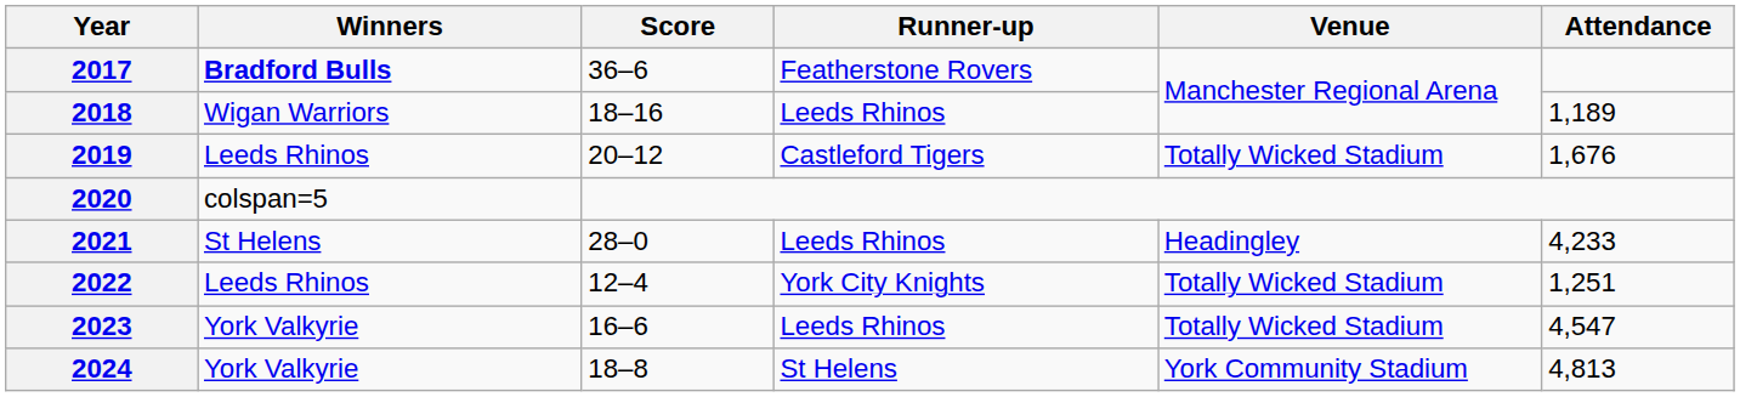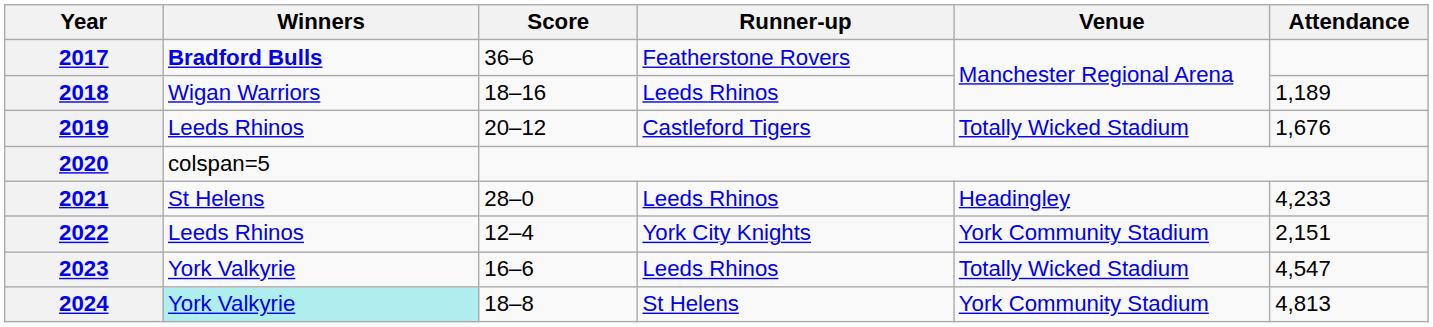 <table class="wikitable">
 <tr>
 <th width=10%>Year</th>
 <th width=20%>Winners</th>
 <th width=10%>Score</th>
 <th width=20%>Runner-up</th>
 <th width=20%>Venue</th>
 <th width=10%>Attendance</th>
 </tr>
 <tr>
 <th align:center><a href='#'>2017</a></th>
 <td><strong> <a href='#'>Bradford Bulls</a></strong></td>
 <td>36–6</td>
 <td> <a href='#'>Featherstone Rovers</a></td>
 <td rowspan=2><a href='#'>Manchester Regional Arena</a></td>
 <td></td>
 </tr>
 <tr>
 <th align:center><a href='#'>2018</a></th>
 <td> <a href='#'>Wigan Warriors</a></td>
 <td>18–16</td>
 <td> <a href='#'>Leeds Rhinos</a></td>
 <td>1,189</td>
 </tr>
 <tr>
 <th align:center><a href='#'>2019</a></th>
 <td> <a href='#'>Leeds Rhinos</a></td>
 <td>20–12</td>
 <td> <a href='#'>Castleford Tigers</a></td>
 <td><a href='#'>Totally Wicked Stadium</a></td>
 <td>1,676</td>
 </tr>
 <tr>
 <th align:center><a href='#'>2020</a></th>
 <td>colspan=5</td>
 </tr>
 <tr>
 <th align:center><a href='#'>2021</a></th>
 <td> <a href='#'>St Helens</a></td>
 <td>28–0</td>
 <td> <a href='#'>Leeds Rhinos</a></td>
 <td><a href='#'>Headingley</a></td>
 <td>4,233</td>
 </tr>
 <tr>
 <th align:center><a href='#'>2022</a></th>
 <td> <a href='#'>Leeds Rhinos</a></td>
 <td>12–4</td>
 <td> <a href='#'>York City Knights</a></td>
-<td><a href='#'>Totally Wicked Stadium</a></td>
-<td>1,251</td>
+<td><a href='#'>York Community Stadium</a></td>
+<td>2,151</td>
 </tr>
 <tr>
 <th align:center><a href='#'>2023</a></th>
 <td> <a href='#'>York Valkyrie</a></td>
 <td>16–6</td>
 <td> <a href='#'>Leeds Rhinos</a></td>
 <td><a href='#'>Totally Wicked Stadium</a></td>
 <td>4,547</td>
 </tr>
 <tr>
 <th align:center><a href='#'>2024</a></th>
-<td> <a href='#'>York Valkyrie</a></td>
+<td style="background: paleturquoise;"> <a href='#'>York Valkyrie</a></td>
 <td>18–8</td>
 <td> <a href='#'>St Helens</a></td>
 <td><a href='#'>York Community Stadium</a></td>
 <td>4,813</td>
 </tr>
 </table>
